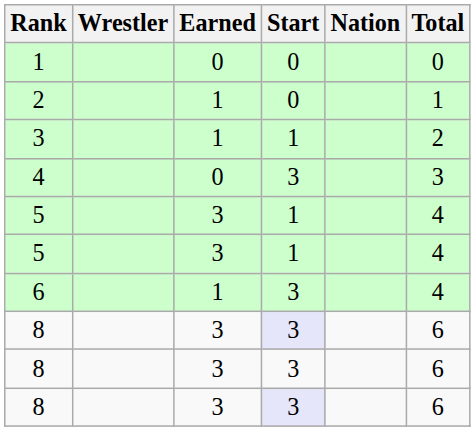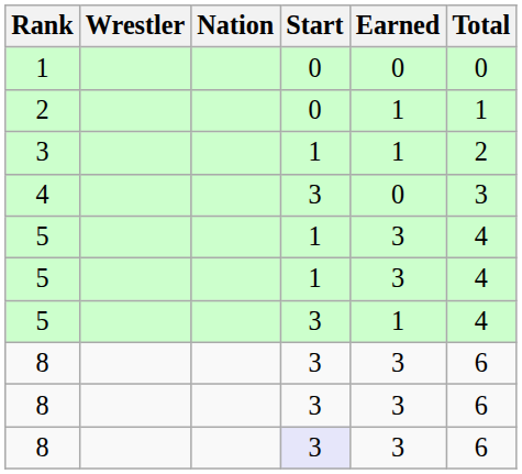 <table class="wikitable sortable" style="text-align:center;">
 <tr>
 <th>Rank</th>
 <th>Wrestler</th>
+<th>Nation</th>
+<th>Start</th>
 <th>Earned</th>
-<th>Start</th>
-<th>Nation</th>
 <th>Total</th>
 </tr>
 <tr style="background:#cfc;">
 <td>1</td>
 <td align=left></td>
+<td align=left></td>
 <td>0</td>
 <td>0</td>
-<td align=left></td>
 <td>0</td>
 </tr>
 <tr style="background:#cfc;">
 <td>2</td>
 <td align=left></td>
+<td align=left></td>
+<td>0</td>
 <td>1</td>
-<td>0</td>
-<td align=left></td>
 <td>1</td>
 </tr>
 <tr style="background:#cfc;">
 <td>3</td>
 <td align=left></td>
+<td align=left></td>
 <td>1</td>
 <td>1</td>
-<td align=left></td>
 <td>2</td>
 </tr>
 <tr style="background:#cfc;">
 <td>4</td>
 <td align=left></td>
+<td align=left></td>
+<td>3</td>
 <td>0</td>
-<td>3</td>
-<td align=left></td>
 <td>3</td>
 </tr>
 <tr style="background:#cfc;">
 <td>5</td>
 <td align=left></td>
+<td align=left></td>
+<td>1</td>
 <td>3</td>
-<td>1</td>
-<td align=left></td>
 <td>4</td>
 </tr>
 <tr style="background:#cfc;">
 <td>5</td>
 <td align=left></td>
+<td align=left></td>
+<td>1</td>
 <td>3</td>
-<td>1</td>
-<td align=left></td>
 <td>4</td>
 </tr>
 <tr style="background:#cfc;">
-<td>6</td>
+<td>5</td>
 <td align=left></td>
+<td align=left></td>
+<td>3</td>
 <td>1</td>
-<td>3</td>
-<td align=left></td>
 <td>4</td>
 </tr>
 <tr>
 <td>8</td>
 <td align=left></td>
+<td align=left></td>
 <td>3</td>
-<td style="background: lavender;">3</td>
-<td align=left></td>
+<td>3</td>
 <td>6</td>
 </tr>
 <tr>
 <td>8</td>
 <td align=left></td>
+<td align=left></td>
 <td>3</td>
 <td>3</td>
-<td align=left></td>
 <td>6</td>
 </tr>
 <tr>
 <td>8</td>
 <td align=left></td>
+<td align=left></td>
+<td style="background: lavender;">3</td>
 <td>3</td>
-<td style="background: lavender;">3</td>
-<td align=left></td>
 <td>6</td>
 </tr>
 </table>
